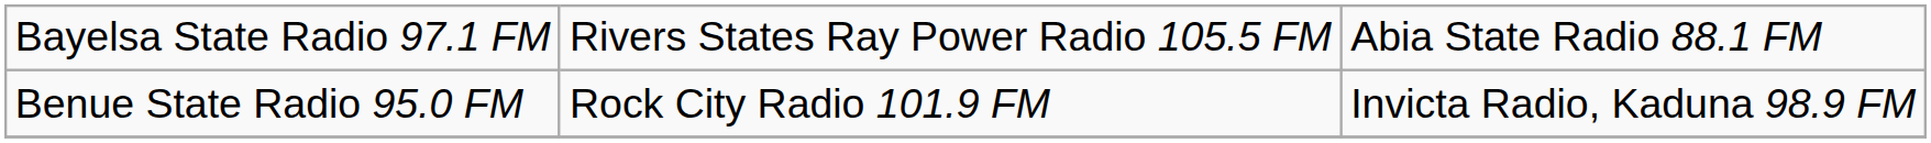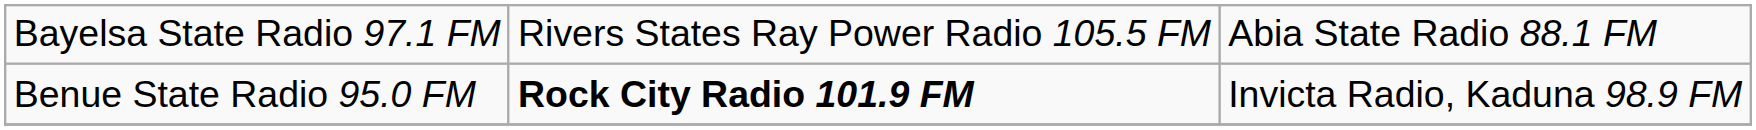 <table class="wikitable">
 <tr>
 <td>Bayelsa State Radio <em>97.1 FM</em></td>
 <td>Rivers States Ray Power Radio <em>105.5 FM</em></td>
 <td>Abia State Radio <em>88.1 FM</em></td>
 </tr>
 <tr>
 <td>Benue State Radio <em>95.0 FM</em></td>
-<td>Rock City Radio <em>101.9 FM</em></td>
+<td><strong>Rock City Radio <em>101.9 FM</em></strong></td>
 <td>Invicta Radio, Kaduna <em>98.9 FM</em></td>
 </tr>
 <tr>
 </tr>
 </table>
